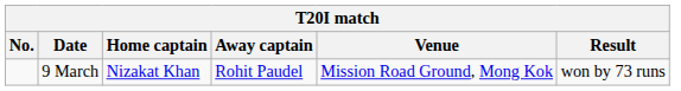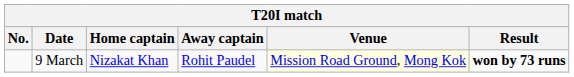 <table class="wikitable">
 <tr>
 <th colspan="6">T20I match</th>
 </tr>
 <tr>
 <th>No.</th>
 <th>Date</th>
 <th>Home captain</th>
 <th>Away captain</th>
 <th>Venue</th>
 <th>Result</th>
 </tr>
 <tr>
 <td></td>
 <td>9 March</td>
 <td><a href='#'>Nizakat Khan</a></td>
 <td><a href='#'>Rohit Paudel</a></td>
-<td><a href='#'>Mission Road Ground</a>, <a href='#'>Mong Kok</a></td>
-<td> won by 73 runs</td>
+<td style="background: lightyellow;"><a href='#'>Mission Road Ground</a>, <a href='#'>Mong Kok</a></td>
+<td><strong> won by 73 runs</strong></td>
 </tr>
 </table>
